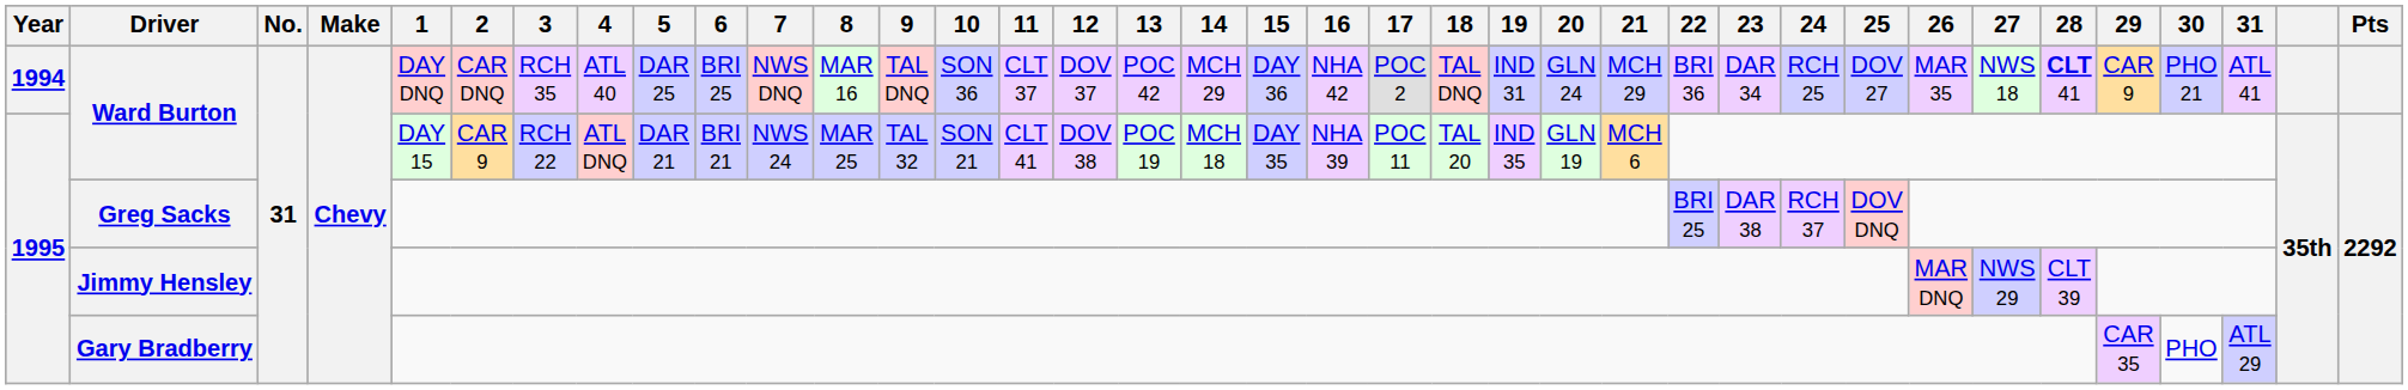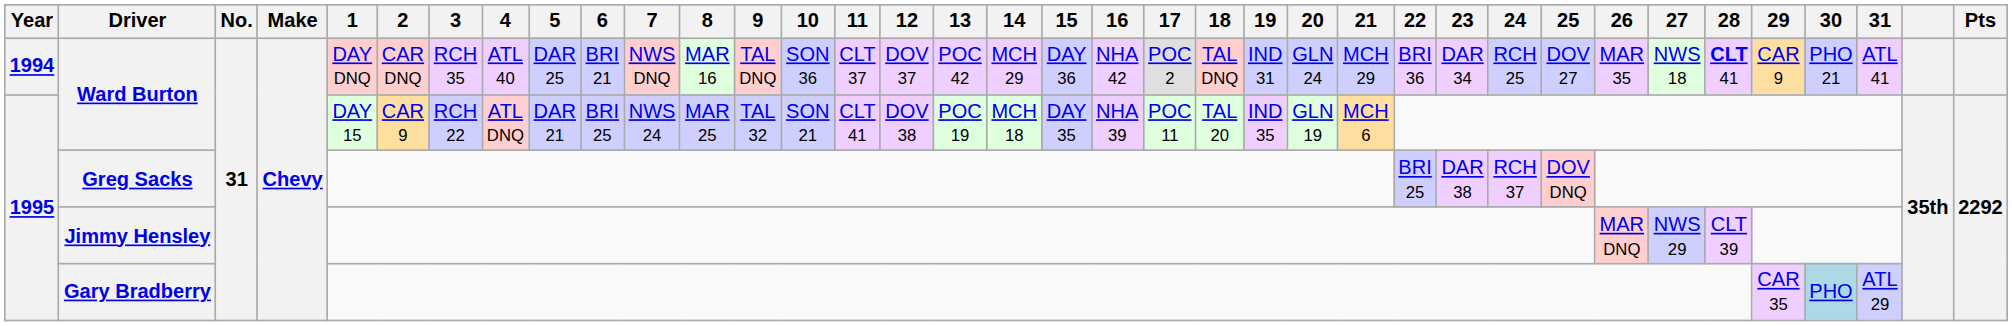 <table class="wikitable" style="text-align:center; font-size:75%">
 <tr>
 <th>Year</th>
 <th>Driver</th>
 <th>No.</th>
 <th>Make</th>
 <th>1</th>
 <th>2</th>
 <th>3</th>
 <th>4</th>
 <th>5</th>
 <th>6</th>
 <th>7</th>
 <th>8</th>
 <th>9</th>
 <th>10</th>
 <th>11</th>
 <th>12</th>
 <th>13</th>
 <th>14</th>
 <th>15</th>
 <th>16</th>
 <th>17</th>
 <th>18</th>
 <th>19</th>
 <th>20</th>
 <th>21</th>
 <th>22</th>
 <th>23</th>
 <th>24</th>
 <th>25</th>
 <th>26</th>
 <th>27</th>
 <th>28</th>
 <th>29</th>
 <th>30</th>
 <th>31</th>
 <th></th>
 <th>Pts</th>
 </tr>
 <tr>
 <th><a href='#'>1994</a></th>
 <th rowspan=2><a href='#'>Ward Burton</a></th>
 <th rowspan=5>31</th>
 <th rowspan=5><a href='#'>Chevy</a></th>
 <td style="background:#FFCFCF;"><a href='#'>DAY</a><br><small>DNQ</small></td>
 <td style="background:#FFCFCF;"><a href='#'>CAR</a><br><small>DNQ</small></td>
 <td style="background:#EFCFFF;"><a href='#'>RCH</a><br><small>35</small></td>
 <td style="background:#EFCFFF;"><a href='#'>ATL</a><br><small>40</small></td>
 <td style="background:#CFCFFF;"><a href='#'>DAR</a><br><small>25</small></td>
-<td style="background:#CFCFFF;"><a href='#'>BRI</a><br><small>25</small></td>
+<td style="background:#CFCFFF;"><a href='#'>BRI</a><br><small>21</small></td>
 <td style="background:#FFCFCF;"><a href='#'>NWS</a><br><small>DNQ</small></td>
 <td style="background:#DFFFDF;"><a href='#'>MAR</a><br><small>16</small></td>
 <td style="background:#FFCFCF;"><a href='#'>TAL</a><br><small>DNQ</small></td>
 <td style="background:#CFCFFF;"><a href='#'>SON</a><br><small>36</small></td>
 <td style="background:#EFCFFF;"><a href='#'>CLT</a><br><small>37</small></td>
 <td style="background:#EFCFFF;"><a href='#'>DOV</a><br><small>37</small></td>
 <td style="background:#EFCFFF;"><a href='#'>POC</a><br><small>42</small></td>
 <td style="background:#EFCFFF;"><a href='#'>MCH</a><br><small>29</small></td>
 <td style="background:#CFCFFF;"><a href='#'>DAY</a><br><small>36</small></td>
 <td style="background:#EFCFFF;"><a href='#'>NHA</a><br><small>42</small></td>
 <td style="background:#DFDFDF;"><a href='#'>POC</a><br><small>2</small></td>
 <td style="background:#FFCFCF;"><a href='#'>TAL</a><br><small>DNQ</small></td>
 <td style="background:#CFCFFF;"><a href='#'>IND</a><br><small>31</small></td>
 <td style="background:#CFCFFF;"><a href='#'>GLN</a><br><small>24</small></td>
 <td style="background:#CFCFFF;"><a href='#'>MCH</a><br><small>29</small></td>
 <td style="background:#EFCFFF;"><a href='#'>BRI</a><br><small>36</small></td>
 <td style="background:#EFCFFF;"><a href='#'>DAR</a><br><small>34</small></td>
 <td style="background:#CFCFFF;"><a href='#'>RCH</a><br><small>25</small></td>
 <td style="background:#CFCFFF;"><a href='#'>DOV</a><br><small>27</small></td>
 <td style="background:#EFCFFF;"><a href='#'>MAR</a><br><small>35</small></td>
 <td style="background:#DFFFDF;"><a href='#'>NWS</a><br><small>18</small></td>
 <td style="background:#EFCFFF;"><strong><a href='#'>CLT</a></strong><br><small>41</small></td>
 <td style="background:#FFDF9F;"><a href='#'>CAR</a><br><small>9</small></td>
 <td style="background:#CFCFFF;"><a href='#'>PHO</a><br><small>21</small></td>
 <td style="background:#EFCFFF;"><a href='#'>ATL</a><br><small>41</small></td>
 <th></th>
 <th></th>
 </tr>
 <tr>
 <th rowspan=4><a href='#'>1995</a></th>
 <td style="background:#DFFFDF;"><a href='#'>DAY</a><br><small>15</small></td>
 <td style="background:#FFDF9F;"><a href='#'>CAR</a><br><small>9</small></td>
 <td style="background:#CFCFFF;"><a href='#'>RCH</a><br><small>22</small></td>
 <td style="background:#FFCFCF;"><a href='#'>ATL</a><br><small>DNQ</small></td>
 <td style="background:#CFCFFF;"><a href='#'>DAR</a><br><small>21</small></td>
-<td style="background:#CFCFFF;"><a href='#'>BRI</a><br><small>21</small></td>
+<td style="background:#CFCFFF;"><a href='#'>BRI</a><br><small>25</small></td>
 <td style="background:#CFCFFF;"><a href='#'>NWS</a><br><small>24</small></td>
 <td style="background:#CFCFFF;"><a href='#'>MAR</a><br><small>25</small></td>
 <td style="background:#CFCFFF;"><a href='#'>TAL</a><br><small>32</small></td>
 <td style="background:#CFCFFF;"><a href='#'>SON</a><br><small>21</small></td>
 <td style="background:#EFCFFF;"><a href='#'>CLT</a><br><small>41</small></td>
 <td style="background:#EFCFFF;"><a href='#'>DOV</a><br><small>38</small></td>
 <td style="background:#DFFFDF;"><a href='#'>POC</a><br><small>19</small></td>
 <td style="background:#DFFFDF;"><a href='#'>MCH</a><br><small>18</small></td>
 <td style="background:#CFCFFF;"><a href='#'>DAY</a><br><small>35</small></td>
 <td style="background:#EFCFFF;"><a href='#'>NHA</a><br><small>39</small></td>
 <td style="background:#DFFFDF;"><a href='#'>POC</a><br><small>11</small></td>
 <td style="background:#DFFFDF;"><a href='#'>TAL</a><br><small>20</small></td>
 <td style="background:#EFCFFF;"><a href='#'>IND</a><br><small>35</small></td>
 <td style="background:#DFFFDF;"><a href='#'>GLN</a><br><small>19</small></td>
 <td style="background:#FFDF9F;"><a href='#'>MCH</a><br><small>6</small></td>
 <td colspan=10></td>
 <th rowspan=4>35th</th>
 <th rowspan=4>2292</th>
 </tr>
 <tr>
 <th><a href='#'>Greg Sacks</a></th>
 <td colspan=21></td>
 <td style="background:#CFCFFF;"><a href='#'>BRI</a><br><small>25</small></td>
 <td style="background:#EFCFFF;"><a href='#'>DAR</a><br><small>38</small></td>
 <td style="background:#EFCFFF;"><a href='#'>RCH</a><br><small>37</small></td>
 <td style="background:#FFCFCF;"><a href='#'>DOV</a><br><small>DNQ</small></td>
 <td colspan=6></td>
 </tr>
 <tr>
 <th><a href='#'>Jimmy Hensley</a></th>
 <td colspan=25></td>
 <td style="background:#FFCFCF;"><a href='#'>MAR</a><br><small>DNQ</small></td>
 <td style="background:#CFCFFF;"><a href='#'>NWS</a><br><small>29</small></td>
 <td style="background:#EFCFFF;"><a href='#'>CLT</a><br><small>39</small></td>
 <td colspan=3></td>
 </tr>
 <tr>
 <th><a href='#'>Gary Bradberry</a></th>
 <td colspan=28></td>
 <td style="background:#EFCFFF;"><a href='#'>CAR</a><br><small>35</small></td>
-<td><a href='#'>PHO</a></td>
+<td style="background: lightblue;"><a href='#'>PHO</a></td>
 <td style="background:#CFCFFF;"><a href='#'>ATL</a><br><small>29</small></td>
 </tr>
 </table>
